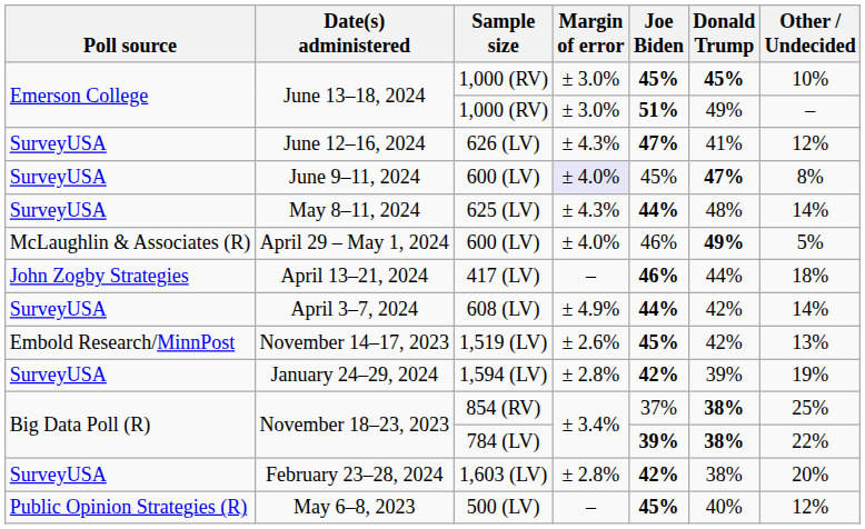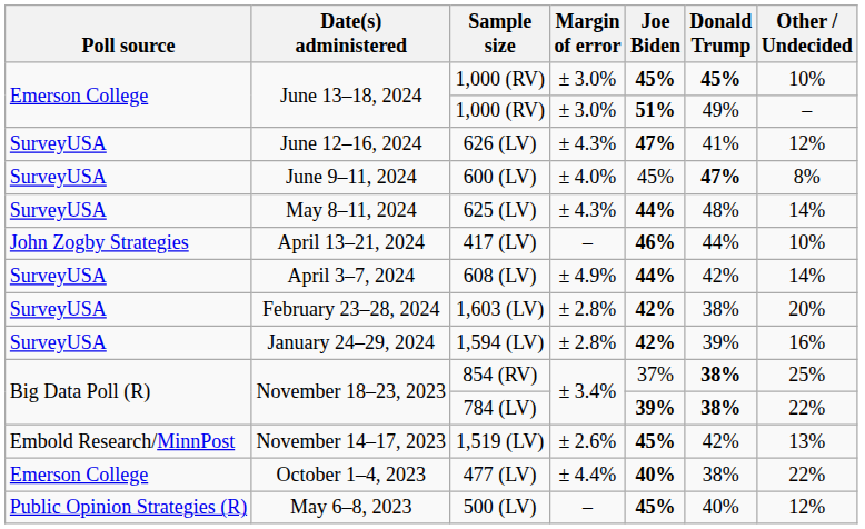 <table class="wikitable sortable mw-datatable" style="font-size:90%;text-align:center;line-height:17px">
 <tr valign=bottom>
 <th>Poll source</th>
 <th>Date(s)<br>administered</th>
 <th>Sample<br>size</th>
 <th>Margin<br>of error</th>
 <th class="unsortable">Joe<br>Biden<br></th>
 <th class="unsortable">Donald<br>Trump<br></th>
 <th class="unsortable">Other /<br>Undecided</th>
 </tr>
 <tr>
 <td style="text-align:left;" rowspan="2"><a href='#'>Emerson College</a></td>
 <td rowspan="2">June 13–18, 2024</td>
 <td>1,000 (RV)</td>
 <td>± 3.0%</td>
 <td><strong>45%</strong></td>
 <td><strong>45%</strong></td>
 <td>10%</td>
 </tr>
 <tr>
 <td>1,000 (RV)</td>
 <td>± 3.0%</td>
 <td style="color:black;background-color:"><strong>51%</strong></td>
 <td>49%</td>
 <td>–</td>
 </tr>
 <tr>
 <td style="text-align:left;"><a href='#'>SurveyUSA</a></td>
 <td data-sort-value="2024-06-17">June 12–16, 2024</td>
 <td>626 (LV)</td>
 <td>± 4.3%</td>
 <td style="color:black;background-color:"><strong>47%</strong></td>
 <td>41%</td>
 <td>12%</td>
 </tr>
 <tr>
 <td style="text-align:left;"><a href='#'>SurveyUSA</a></td>
 <td data-sort-value="2024-06-14">June 9–11, 2024</td>
 <td>600 (LV)</td>
-<td style="background: lavender;">± 4.0%</td>
+<td>± 4.0%</td>
 <td>45%</td>
 <td style="background-color:"><strong>47%</strong></td>
 <td>8%</td>
 </tr>
 <tr>
 <td style="text-align:left;"><a href='#'>SurveyUSA</a></td>
 <td data-sort-value="2024-04-08">May 8–11, 2024</td>
 <td>625 (LV)</td>
 <td>± 4.3%</td>
 <td style="color:black;background-color:"><strong>44%</strong></td>
 <td>48%</td>
 <td>14%</td>
 </tr>
 <tr>
-<td style="text-align:left;">McLaughlin & Associates (R)</td>
-<td data-sort-value="2024-05-07">April 29 – May 1, 2024</td>
-<td>600 (LV)</td>
-<td>± 4.0%</td>
-<td>46%</td>
-<td style="background-color:"><strong>49%</strong></td>
-<td>5%</td>
-</tr>
-<tr>
 <td style="text-align:left;"><a href='#'>John Zogby Strategies</a></td>
 <td data-sort-value="2024-05-01">April 13–21, 2024</td>
 <td>417 (LV)</td>
 <td>–</td>
 <td style="color:black;background-color:"><strong>46%</strong></td>
 <td>44%</td>
-<td>18%</td>
+<td>10%</td>
 </tr>
 <tr>
 <td style="text-align:left;"><a href='#'>SurveyUSA</a></td>
 <td data-sort-value="2024-04-08">April 3–7, 2024</td>
 <td>608 (LV)</td>
 <td>± 4.9%</td>
 <td style="color:black;background-color:"><strong>44%</strong></td>
 <td>42%</td>
 <td>14%</td>
 </tr>
 <tr>
-<td style="text-align:left;">Embold Research/<a href='#'>MinnPost</a></td>
-<td data-sort-value="2023-10-16">November 14–17, 2023</td>
-<td>1,519 (LV)</td>
-<td>± 2.6%</td>
-<td style="color:black;background-color:"><strong>45%</strong></td>
-<td>42%</td>
-<td>13%</td>
+<td style="text-align:left;"><a href='#'>SurveyUSA</a></td>
+<td data-sort-value="2024-02-29">February 23–28, 2024</td>
+<td>1,603 (LV)</td>
+<td>± 2.8%</td>
+<td style="color:black;background-color:"><strong>42%</strong></td>
+<td>38%</td>
+<td>20%</td>
 </tr>
 <tr>
 <td style="text-align:left;"><a href='#'>SurveyUSA</a></td>
 <td>January 24–29, 2024</td>
 <td>1,594 (LV)</td>
 <td>± 2.8%</td>
 <td style="color:black;background-color:"><strong>42%</strong></td>
 <td>39%</td>
-<td>19%</td>
+<td>16%</td>
 </tr>
 <tr>
 <td style="text-align:left;" rowspan="2">Big Data Poll (R)</td>
 <td rowspan="2">November 18–23, 2023</td>
 <td>854 (RV)</td>
 <td rowspan="2">± 3.4%</td>
 <td>37%</td>
 <td style="background-color:"><strong>38%</strong></td>
 <td>25%</td>
 </tr>
 <tr>
 <td>784 (LV)</td>
 <td><strong>39%</strong></td>
 <td><strong>38%</strong></td>
 <td>22%</td>
 </tr>
 <tr>
-<td style="text-align:left;"><a href='#'>SurveyUSA</a></td>
-<td data-sort-value="2024-02-29">February 23–28, 2024</td>
-<td>1,603 (LV)</td>
-<td>± 2.8%</td>
-<td style="color:black;background-color:"><strong>42%</strong></td>
+<td style="text-align:left;">Embold Research/<a href='#'>MinnPost</a></td>
+<td data-sort-value="2023-10-16">November 14–17, 2023</td>
+<td>1,519 (LV)</td>
+<td>± 2.6%</td>
+<td style="color:black;background-color:"><strong>45%</strong></td>
+<td>42%</td>
+<td>13%</td>
+</tr>
+<tr>
+<td style="text-align:left;"><a href='#'>Emerson College</a></td>
+<td data-sort-value="2023-10-16">October 1–4, 2023</td>
+<td>477 (LV)</td>
+<td>± 4.4%</td>
+<td style="color:black;background-color:"><strong>40%</strong></td>
 <td>38%</td>
-<td>20%</td>
+<td>22%</td>
 </tr>
 <tr>
 <td style="text-align:left;"><a href='#'>Public Opinion Strategies (R)</a></td>
 <td data-sort-value="2023-05-08">May 6–8, 2023</td>
 <td>500 (LV)</td>
 <td>–</td>
 <td style="color:black;background-color:"><strong>45%</strong></td>
 <td>40%</td>
 <td>12%</td>
 </tr>
 </table>
